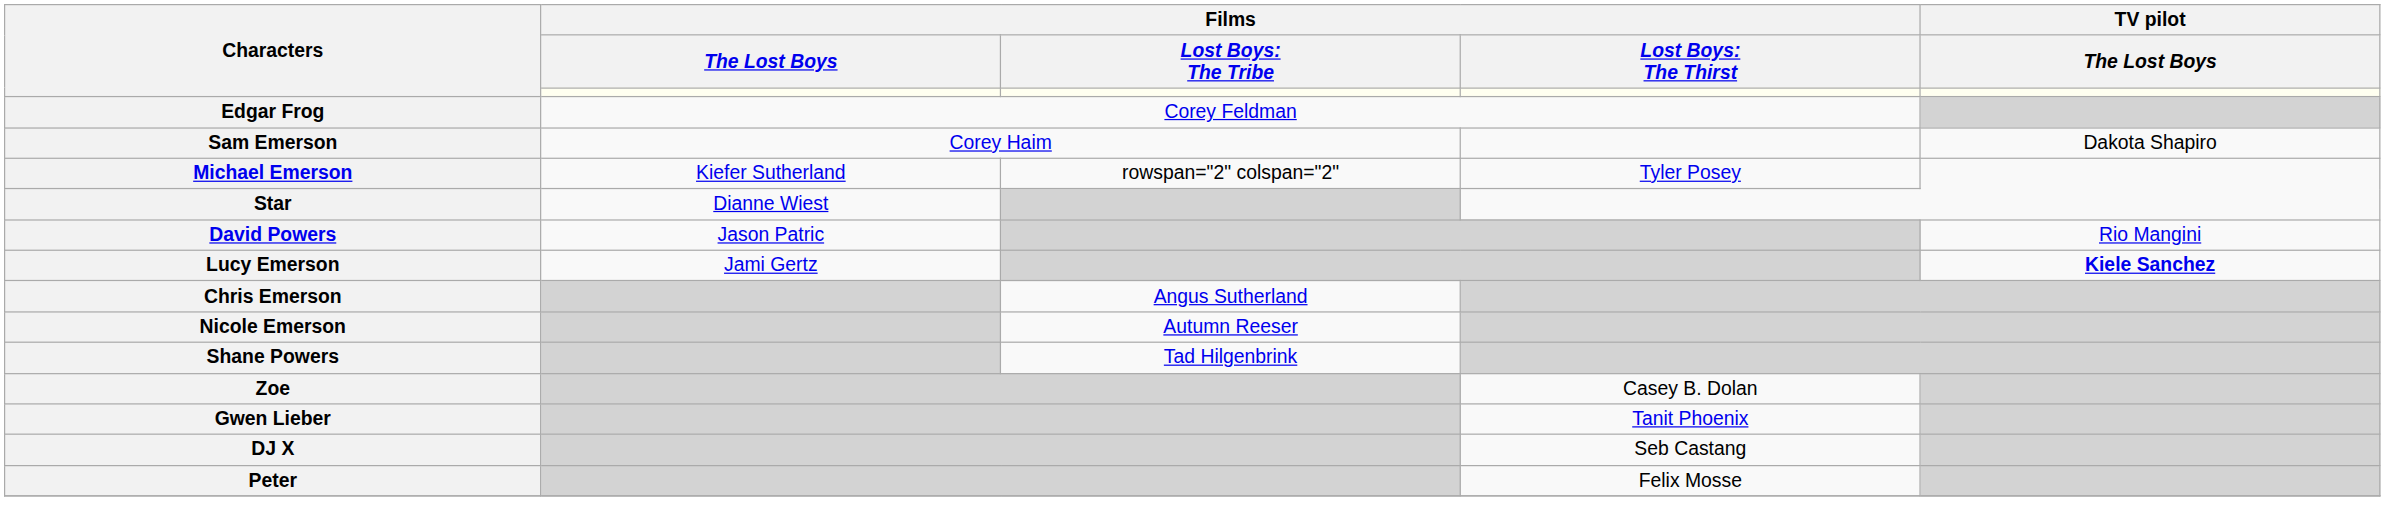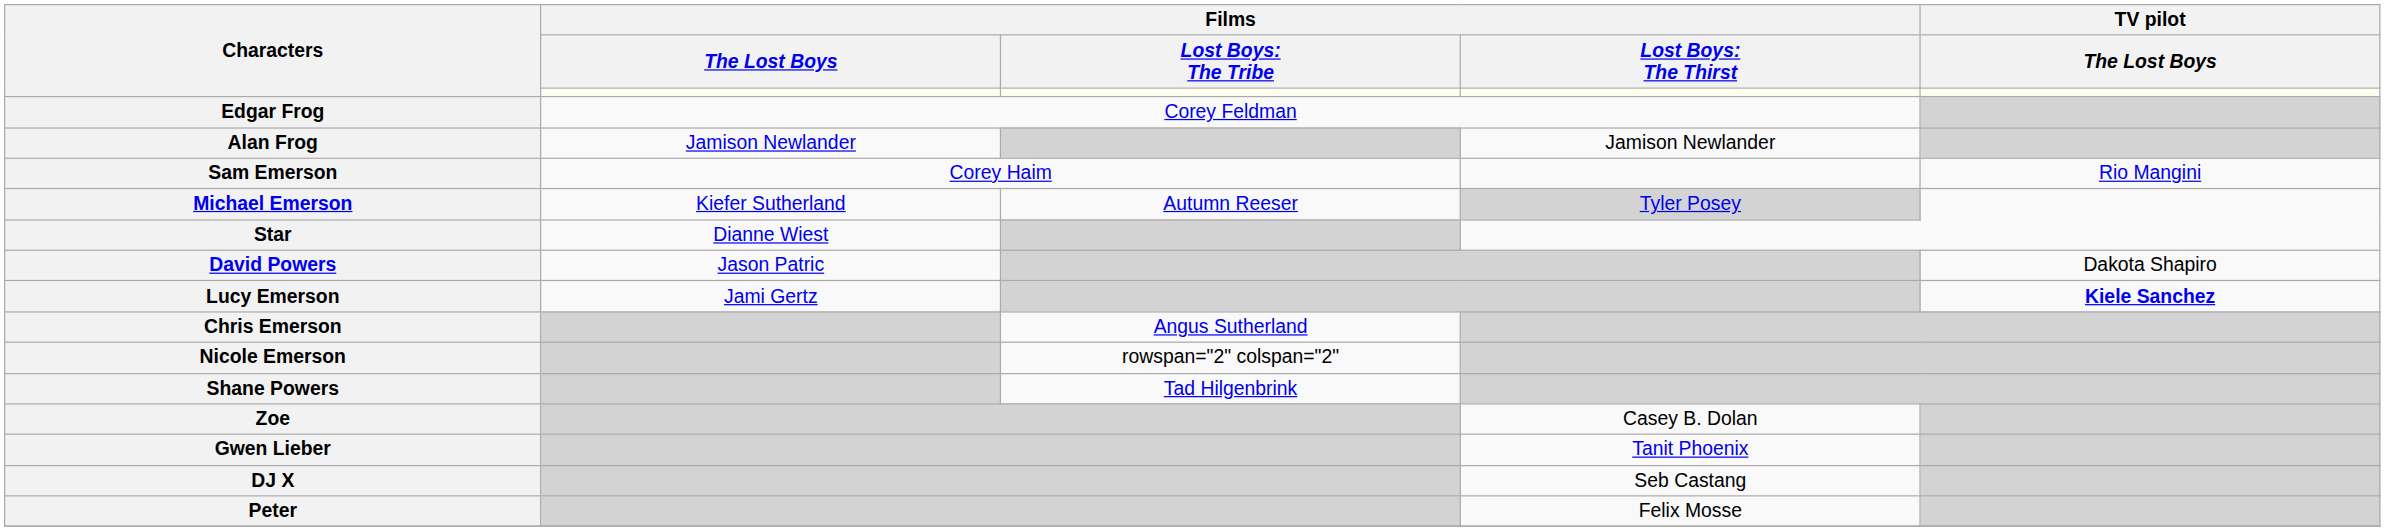 <table class="wikitable" style="text-align:center; width:99%;">
 <tr>
 <th rowspan="3" style="width:14%;">Characters</th>
 <th colspan="3">Films</th>
 <th>TV pilot</th>
 </tr>
 <tr>
 <th style="width:12%;"><em><a href='#'>The Lost Boys</a></em></th>
 <th style="width:12%;"><em><a href='#'>Lost Boys: <br> The Tribe</a></em></th>
 <th style="width:12%;"><em><a href='#'>Lost Boys: <br> The Thirst</a></em></th>
 <th style="width:12%;"><em>The Lost Boys</em></th>
 </tr>
 <tr>
 <th style="background:ivory;"><span></span></th>
 <th style="background:ivory;"><span></span></th>
 <th style="background:ivory;"><span></span></th>
 <th style="background:ivory;"><span></span></th>
 </tr>
 <tr>
 <th>Edgar Frog</th>
 <td colspan="3"><a href='#'>Corey Feldman</a></td>
 <td style="background:lightgrey;"></td>
 </tr>
 <tr>
+<th>Alan Frog</th>
+<td><a href='#'>Jamison Newlander</a></td>
+<td style="background:lightgrey;"></td>
+<td>Jamison Newlander</td>
+<td style="background:lightgrey;"></td>
+</tr>
+<tr>
 <th>Sam Emerson</th>
 <td colspan="2"><a href='#'>Corey Haim</a></td>
 <td></td>
-<td>Dakota Shapiro</td>
+<td><a href='#'>Rio Mangini</a></td>
 </tr>
 <tr>
 <th><a href='#'>Michael Emerson</a></th>
 <td><a href='#'>Kiefer Sutherland</a></td>
-<td>rowspan="2" colspan="2" </td>
-<td><a href='#'>Tyler Posey</a></td>
+<td><a href='#'>Autumn Reeser</a></td>
+<td style="background: lightgrey;"><a href='#'>Tyler Posey</a></td>
 </tr>
 <tr>
 <th>Star</th>
 <td><a href='#'>Dianne Wiest</a></td>
 <td style="background:lightgrey;"></td>
 </tr>
 <tr>
 <th><a href='#'>David Powers</a></th>
 <td><a href='#'>Jason Patric</a></td>
 <td colspan="2" style="background:lightgrey;"></td>
-<td><a href='#'>Rio Mangini</a></td>
+<td>Dakota Shapiro</td>
 </tr>
 <tr>
 <th>Lucy Emerson</th>
 <td><a href='#'>Jami Gertz</a></td>
 <td colspan="2" style="background:lightgrey;"></td>
 <td><strong><a href='#'>Kiele Sanchez</a></strong></td>
 </tr>
 <tr>
 <th>Chris Emerson</th>
 <td style="background:lightgrey;"></td>
 <td><a href='#'>Angus Sutherland</a></td>
 <td colspan="2" style="background:lightgrey;"></td>
 </tr>
 <tr>
 <th>Nicole Emerson</th>
 <td style="background:lightgrey;"></td>
-<td><a href='#'>Autumn Reeser</a></td>
+<td>rowspan="2" colspan="2" </td>
 <td colspan="2" style="background:lightgrey;"></td>
 </tr>
 <tr>
 <th>Shane Powers</th>
 <td style="background:lightgrey;"></td>
 <td><a href='#'>Tad Hilgenbrink</a></td>
 <td colspan="2" style="background:lightgrey;"></td>
 </tr>
 <tr>
 <th>Zoe</th>
 <td colspan="2" style="background:lightgrey;"></td>
 <td>Casey B. Dolan</td>
 <td style="background:lightgrey;"></td>
 </tr>
 <tr>
 <th>Gwen Lieber</th>
 <td colspan="2" style="background:lightgrey;"></td>
 <td><a href='#'>Tanit Phoenix</a></td>
 <td style="background:lightgrey;"></td>
 </tr>
 <tr>
 <th>DJ X</th>
 <td colspan="2" style="background:lightgrey;"></td>
 <td>Seb Castang</td>
 <td style="background:lightgrey;"></td>
 </tr>
 <tr>
 <th>Peter</th>
 <td colspan="2" style="background:lightgrey;"></td>
 <td>Felix Mosse</td>
 <td style="background:lightgrey;"></td>
 </tr>
 <tr>
 </tr>
 </table>
